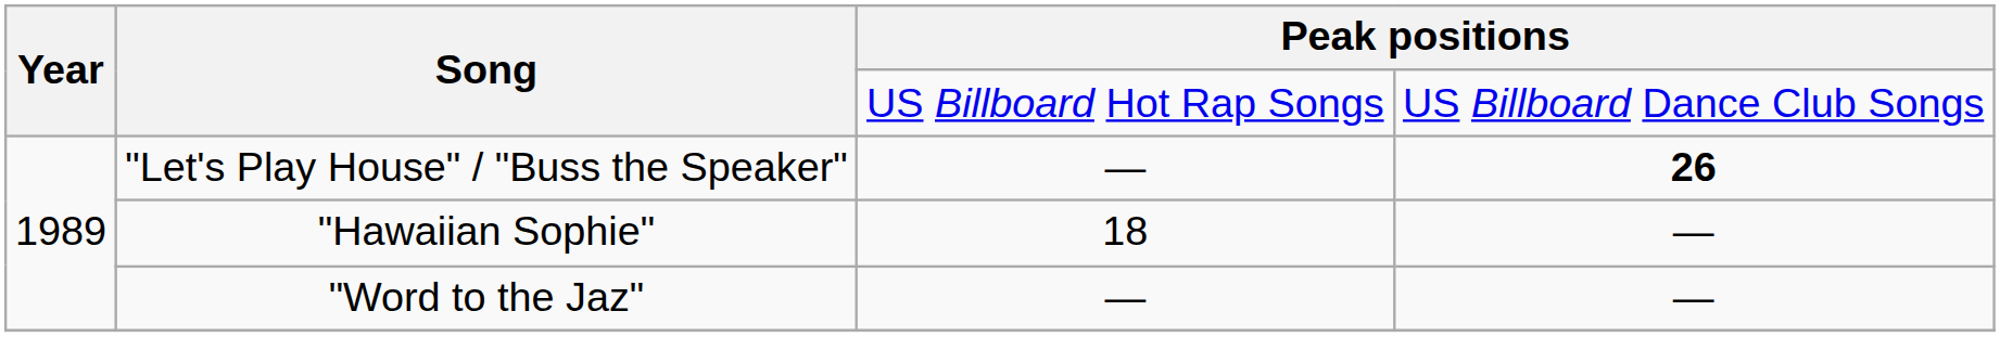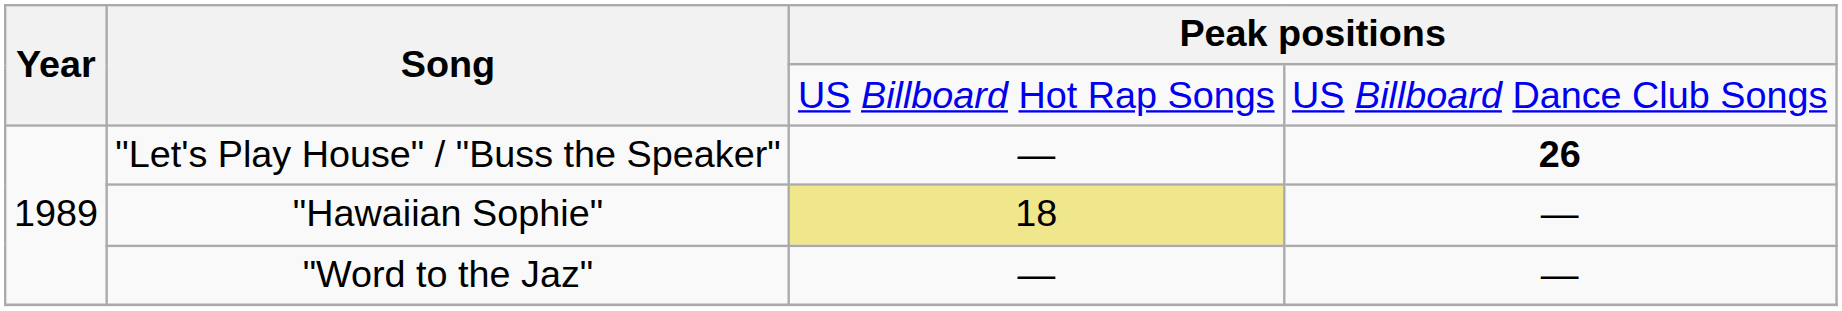 <table class="wikitable" style="text-align:center">
 <tr>
 <th rowspan="2"><strong>Year</strong></th>
 <th rowspan="2"><strong>Song</strong></th>
 <th colspan="2"><strong>Peak positions</strong></th>
 </tr>
 <tr>
 <td><a href='#'>US</a> <em><a href='#'>Billboard</a></em> <a href='#'>Hot Rap Songs</a></td>
 <td><a href='#'>US</a> <em><a href='#'>Billboard</a></em> <a href='#'>Dance Club Songs</a></td>
 </tr>
 <tr>
 <td rowspan="3">1989</td>
 <td>"Let's Play House" / "Buss the Speaker"</td>
 <td>—</td>
 <td><strong>26</strong></td>
 </tr>
 <tr>
 <td>"Hawaiian Sophie"</td>
-<td>18</td>
+<td style="background: khaki;">18</td>
 <td>—</td>
 </tr>
 <tr>
 <td>"Word to the Jaz"</td>
 <td>—</td>
 <td>—</td>
 </tr>
 <tr>
 </tr>
 </table>
